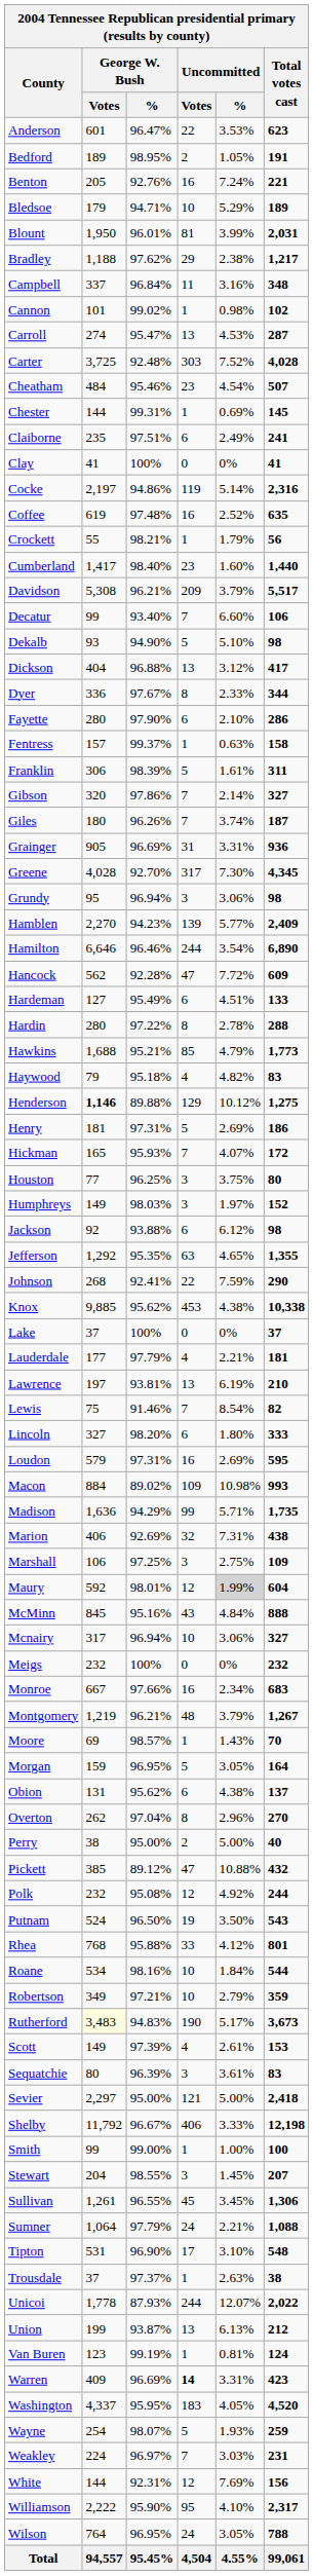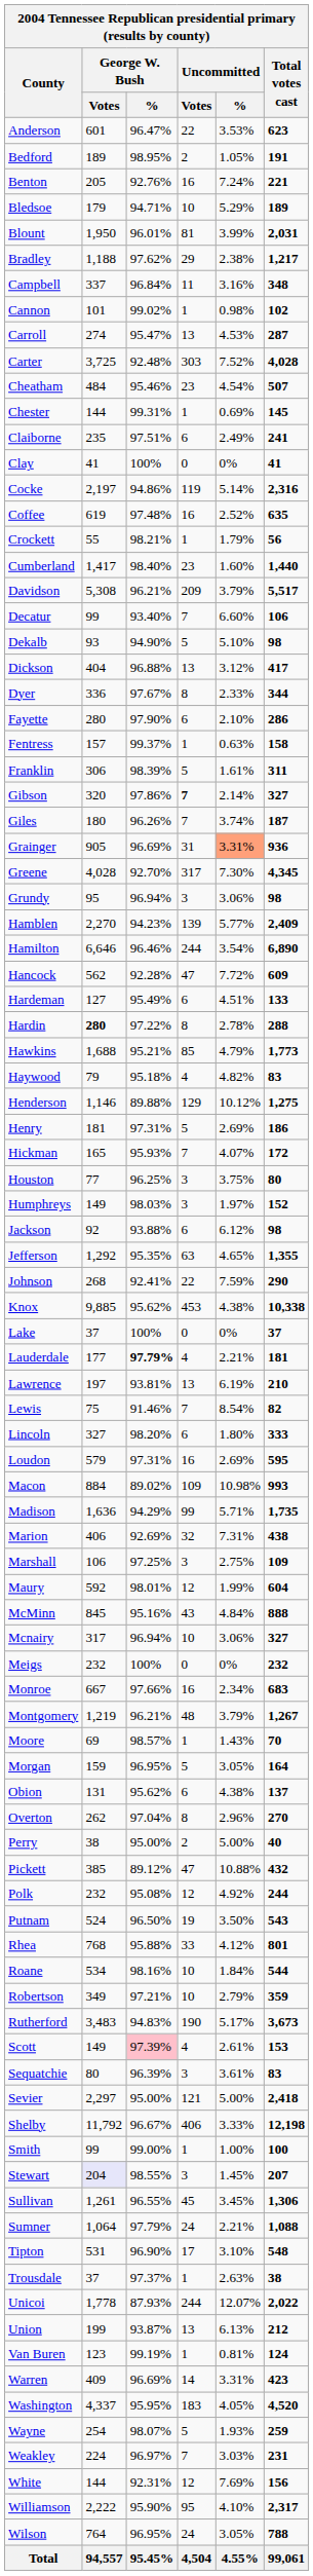 <table class="wikitable sortable mw-collapsible mw-collapsed">
 <tr>
 <th colspan="6"><small>2004 Tennessee Republican presidential primary<br>(results by county)</small></th>
 </tr>
 <tr>
 <th rowspan="2"><small>County</small></th>
 <th colspan="2"><small>George W.<br>Bush</small></th>
 <th colspan="2"><small>Uncommitted</small></th>
 <th rowspan="2"><small>Total<br>votes<br>cast</small></th>
 </tr>
 <tr>
 <th><small>Votes</small></th>
 <th><small>%</small></th>
 <th><small>Votes</small></th>
 <th><small>%</small></th>
 </tr>
 <tr>
 <td><small><a href='#'>Anderson</a></small></td>
 <td><small>601</small></td>
 <td><small>96.47%</small></td>
 <td><small>22</small></td>
 <td><small>3.53%</small></td>
 <td><small><strong>623</strong></small></td>
 </tr>
 <tr>
 <td><small><a href='#'>Bedford</a></small></td>
 <td><small>189</small></td>
 <td><small>98.95%</small></td>
 <td><small>2</small></td>
 <td><small>1.05%</small></td>
 <td><small><strong>191</strong></small></td>
 </tr>
 <tr>
 <td><small><a href='#'>Benton</a></small></td>
 <td><small>205</small></td>
 <td><small>92.76%</small></td>
 <td><small>16</small></td>
 <td><small>7.24%</small></td>
 <td><small><strong>221</strong></small></td>
 </tr>
 <tr>
 <td><small><a href='#'>Bledsoe</a></small></td>
 <td><small>179</small></td>
 <td><small>94.71%</small></td>
 <td><small>10</small></td>
 <td><small>5.29%</small></td>
 <td><small><strong>189</strong></small></td>
 </tr>
 <tr>
 <td><small><a href='#'>Blount</a></small></td>
 <td><small>1,950</small></td>
 <td><small>96.01%</small></td>
 <td><small>81</small></td>
 <td><small>3.99%</small></td>
 <td><small><strong>2,031</strong></small></td>
 </tr>
 <tr>
 <td><small><a href='#'>Bradley</a></small></td>
 <td><small>1,188</small></td>
 <td><small>97.62%</small></td>
 <td><small>29</small></td>
 <td><small>2.38%</small></td>
 <td><small><strong>1,217</strong></small></td>
 </tr>
 <tr>
 <td><small><a href='#'>Campbell</a></small></td>
 <td><small>337</small></td>
 <td><small>96.84%</small></td>
 <td><small>11</small></td>
 <td><small>3.16%</small></td>
 <td><small><strong>348</strong></small></td>
 </tr>
 <tr>
 <td><small><a href='#'>Cannon</a></small></td>
 <td><small>101</small></td>
 <td><small>99.02%</small></td>
 <td><small>1</small></td>
 <td><small>0.98%</small></td>
 <td><small><strong>102</strong></small></td>
 </tr>
 <tr>
 <td><small><a href='#'>Carroll</a></small></td>
 <td><small>274</small></td>
 <td><small>95.47%</small></td>
 <td><small>13</small></td>
 <td><small>4.53%</small></td>
 <td><small><strong>287</strong></small></td>
 </tr>
 <tr>
 <td><small><a href='#'>Carter</a></small></td>
 <td><small>3,725</small></td>
 <td><small>92.48%</small></td>
 <td><small>303</small></td>
 <td><small>7.52%</small></td>
 <td><small><strong>4,028</strong></small></td>
 </tr>
 <tr>
 <td><small><a href='#'>Cheatham</a></small></td>
 <td><small>484</small></td>
 <td><small>95.46%</small></td>
 <td><small>23</small></td>
 <td><small>4.54%</small></td>
 <td><small><strong>507</strong></small></td>
 </tr>
 <tr>
 <td><small><a href='#'>Chester</a></small></td>
 <td><small>144</small></td>
 <td><small>99.31%</small></td>
 <td><small>1</small></td>
 <td><small>0.69%</small></td>
 <td><small><strong>145</strong></small></td>
 </tr>
 <tr>
 <td><small><a href='#'>Claiborne</a></small></td>
 <td><small>235</small></td>
 <td><small>97.51%</small></td>
 <td><small>6</small></td>
 <td><small>2.49%</small></td>
 <td><small><strong>241</strong></small></td>
 </tr>
 <tr>
 <td><small><a href='#'>Clay</a></small></td>
 <td><small>41</small></td>
 <td><small>100%</small></td>
 <td><small>0</small></td>
 <td><small>0%</small></td>
 <td><small><strong>41</strong></small></td>
 </tr>
 <tr>
 <td><small><a href='#'>Cocke</a></small></td>
 <td><small>2,197</small></td>
 <td><small>94.86%</small></td>
 <td><small>119</small></td>
 <td><small>5.14%</small></td>
 <td><small><strong>2,316</strong></small></td>
 </tr>
 <tr>
 <td><small><a href='#'>Coffee</a></small></td>
 <td><small>619</small></td>
 <td><small>97.48%</small></td>
 <td><small>16</small></td>
 <td><small>2.52%</small></td>
 <td><small><strong>635</strong></small></td>
 </tr>
 <tr>
 <td><small><a href='#'>Crockett</a></small></td>
 <td><small>55</small></td>
 <td><small>98.21%</small></td>
 <td><small>1</small></td>
 <td><small>1.79%</small></td>
 <td><small><strong>56</strong></small></td>
 </tr>
 <tr>
 <td><small><a href='#'>Cumberland</a></small></td>
 <td><small>1,417</small></td>
 <td><small>98.40%</small></td>
 <td><small>23</small></td>
 <td><small>1.60%</small></td>
 <td><small><strong>1,440</strong></small></td>
 </tr>
 <tr>
 <td><small><a href='#'>Davidson</a></small></td>
 <td><small>5,308</small></td>
 <td><small>96.21%</small></td>
 <td><small>209</small></td>
 <td><small>3.79%</small></td>
 <td><small><strong>5,517</strong></small></td>
 </tr>
 <tr>
 <td><small><a href='#'>Decatur</a></small></td>
 <td><small>99</small></td>
 <td><small>93.40%</small></td>
 <td><small>7</small></td>
 <td><small>6.60%</small></td>
 <td><small><strong>106</strong></small></td>
 </tr>
 <tr>
 <td><small><a href='#'>Dekalb</a></small></td>
 <td><small>93</small></td>
 <td><small>94.90%</small></td>
 <td><small>5</small></td>
 <td><small>5.10%</small></td>
 <td><small><strong>98</strong></small></td>
 </tr>
 <tr>
 <td><small><a href='#'>Dickson</a></small></td>
 <td><small>404</small></td>
 <td><small>96.88%</small></td>
 <td><small>13</small></td>
 <td><small>3.12%</small></td>
 <td><small><strong>417</strong></small></td>
 </tr>
 <tr>
 <td><small><a href='#'>Dyer</a></small></td>
 <td><small>336</small></td>
 <td><small>97.67%</small></td>
 <td><small>8</small></td>
 <td><small>2.33%</small></td>
 <td><small><strong>344</strong></small></td>
 </tr>
 <tr>
 <td><small><a href='#'>Fayette</a></small></td>
 <td><small>280</small></td>
 <td><small>97.90%</small></td>
 <td><small>6</small></td>
 <td><small>2.10%</small></td>
 <td><small><strong>286</strong></small></td>
 </tr>
 <tr>
 <td><small><a href='#'>Fentress</a></small></td>
 <td><small>157</small></td>
 <td><small>99.37%</small></td>
 <td><small>1</small></td>
 <td><small>0.63%</small></td>
 <td><small><strong>158</strong></small></td>
 </tr>
 <tr>
 <td><small><a href='#'>Franklin</a></small></td>
 <td><small>306</small></td>
 <td><small>98.39%</small></td>
 <td><small>5</small></td>
 <td><small>1.61%</small></td>
 <td><small><strong>311</strong></small></td>
 </tr>
 <tr>
 <td><small><a href='#'>Gibson</a></small></td>
 <td><small>320</small></td>
 <td><small>97.86%</small></td>
-<td><small>7</small></td>
+<td><strong><small>7</small></strong></td>
 <td><small>2.14%</small></td>
 <td><small><strong>327</strong></small></td>
 </tr>
 <tr>
 <td><small><a href='#'>Giles</a></small></td>
 <td><small>180</small></td>
 <td><small>96.26%</small></td>
 <td><small>7</small></td>
 <td><small>3.74%</small></td>
 <td><small><strong>187</strong></small></td>
 </tr>
 <tr>
 <td><small><a href='#'>Grainger</a></small></td>
 <td><small>905</small></td>
 <td><small>96.69%</small></td>
 <td><small>31</small></td>
-<td><small>3.31%</small></td>
+<td style="background: lightsalmon;"><small>3.31%</small></td>
 <td><small><strong>936</strong></small></td>
 </tr>
 <tr>
 <td><small><a href='#'>Greene</a></small></td>
 <td><small>4,028</small></td>
 <td><small>92.70%</small></td>
 <td><small>317</small></td>
 <td><small>7.30%</small></td>
 <td><small><strong>4,345</strong></small></td>
 </tr>
 <tr>
 <td><small><a href='#'>Grundy</a></small></td>
 <td><small>95</small></td>
 <td><small>96.94%</small></td>
 <td><small>3</small></td>
 <td><small>3.06%</small></td>
 <td><small><strong>98</strong></small></td>
 </tr>
 <tr>
 <td><small><a href='#'>Hamblen</a></small></td>
 <td><small>2,270</small></td>
 <td><small>94.23%</small></td>
 <td><small>139</small></td>
 <td><small>5.77%</small></td>
 <td><small><strong>2,409</strong></small></td>
 </tr>
 <tr>
 <td><small><a href='#'>Hamilton</a></small></td>
 <td><small>6,646</small></td>
 <td><small>96.46%</small></td>
 <td><small>244</small></td>
 <td><small>3.54%</small></td>
 <td><small><strong>6,890</strong></small></td>
 </tr>
 <tr>
 <td><small><a href='#'>Hancock</a></small></td>
 <td><small>562</small></td>
 <td><small>92.28%</small></td>
 <td><small>47</small></td>
 <td><small>7.72%</small></td>
 <td><small><strong>609</strong></small></td>
 </tr>
 <tr>
 <td><small><a href='#'>Hardeman</a></small></td>
 <td><small>127</small></td>
 <td><small>95.49%</small></td>
 <td><small>6</small></td>
 <td><small>4.51%</small></td>
 <td><small><strong>133</strong></small></td>
 </tr>
 <tr>
 <td><small><a href='#'>Hardin</a></small></td>
-<td><small>280</small></td>
+<td><strong><small>280</small></strong></td>
 <td><small>97.22%</small></td>
 <td><small>8</small></td>
 <td><small>2.78%</small></td>
 <td><small><strong>288</strong></small></td>
 </tr>
 <tr>
 <td><small><a href='#'>Hawkins</a></small></td>
 <td><small>1,688</small></td>
 <td><small>95.21%</small></td>
 <td><small>85</small></td>
 <td><small>4.79%</small></td>
 <td><small><strong>1,773</strong></small></td>
 </tr>
 <tr>
 <td><small><a href='#'>Haywood</a></small></td>
 <td><small>79</small></td>
 <td><small>95.18%</small></td>
 <td><small>4</small></td>
 <td><small>4.82%</small></td>
 <td><small><strong>83</strong></small></td>
 </tr>
 <tr>
 <td><small><a href='#'>Henderson</a></small></td>
-<td><strong><small>1,146</small></strong></td>
+<td><small>1,146</small></td>
 <td><small>89.88%</small></td>
 <td><small>129</small></td>
 <td><small>10.12%</small></td>
 <td><small><strong>1,275</strong></small></td>
 </tr>
 <tr>
 <td><small><a href='#'>Henry</a></small></td>
 <td><small>181</small></td>
 <td><small>97.31%</small></td>
 <td><small>5</small></td>
 <td><small>2.69%</small></td>
 <td><small><strong>186</strong></small></td>
 </tr>
 <tr>
 <td><small><a href='#'>Hickman</a></small></td>
 <td><small>165</small></td>
 <td><small>95.93%</small></td>
 <td><small>7</small></td>
 <td><small>4.07%</small></td>
 <td><small><strong>172</strong></small></td>
 </tr>
 <tr>
 <td><small><a href='#'>Houston</a></small></td>
 <td><small>77</small></td>
 <td><small>96.25%</small></td>
 <td><small>3</small></td>
 <td><small>3.75%</small></td>
 <td><small><strong>80</strong></small></td>
 </tr>
 <tr>
 <td><small><a href='#'>Humphreys</a></small></td>
 <td><small>149</small></td>
 <td><small>98.03%</small></td>
 <td><small>3</small></td>
 <td><small>1.97%</small></td>
 <td><small><strong>152</strong></small></td>
 </tr>
 <tr>
 <td><small><a href='#'>Jackson</a></small></td>
 <td><small>92</small></td>
 <td><small>93.88%</small></td>
 <td><small>6</small></td>
 <td><small>6.12%</small></td>
 <td><small><strong>98</strong></small></td>
 </tr>
 <tr>
 <td><small><a href='#'>Jefferson</a></small></td>
 <td><small>1,292</small></td>
 <td><small>95.35%</small></td>
 <td><small>63</small></td>
 <td><small>4.65%</small></td>
 <td><small><strong>1,355</strong></small></td>
 </tr>
 <tr>
 <td><small><a href='#'>Johnson</a></small></td>
 <td><small>268</small></td>
 <td><small>92.41%</small></td>
 <td><small>22</small></td>
 <td><small>7.59%</small></td>
 <td><small><strong>290</strong></small></td>
 </tr>
 <tr>
 <td><small><a href='#'>Knox</a></small></td>
 <td><small>9,885</small></td>
 <td><small>95.62%</small></td>
 <td><small>453</small></td>
 <td><small>4.38%</small></td>
 <td><small><strong>10,338</strong></small></td>
 </tr>
 <tr>
 <td><small><a href='#'>Lake</a></small></td>
 <td><small>37</small></td>
 <td><small>100%</small></td>
 <td><small>0</small></td>
 <td><small>0%</small></td>
 <td><small><strong>37</strong></small></td>
 </tr>
 <tr>
 <td><small><a href='#'>Lauderdale</a></small></td>
 <td><small>177</small></td>
-<td><small>97.79%</small></td>
+<td><strong><small>97.79%</small></strong></td>
 <td><small>4</small></td>
 <td><small>2.21%</small></td>
 <td><small><strong>181</strong></small></td>
 </tr>
 <tr>
 <td><small><a href='#'>Lawrence</a></small></td>
 <td><small>197</small></td>
 <td><small>93.81%</small></td>
 <td><small>13</small></td>
 <td><small>6.19%</small></td>
 <td><small><strong>210</strong></small></td>
 </tr>
 <tr>
 <td><small><a href='#'>Lewis</a></small></td>
 <td><small>75</small></td>
 <td><small>91.46%</small></td>
 <td><small>7</small></td>
 <td><small>8.54%</small></td>
 <td><small><strong>82</strong></small></td>
 </tr>
 <tr>
 <td><small><a href='#'>Lincoln</a></small></td>
 <td><small>327</small></td>
 <td><small>98.20%</small></td>
 <td><small>6</small></td>
 <td><small>1.80%</small></td>
 <td><small><strong>333</strong></small></td>
 </tr>
 <tr>
 <td><small><a href='#'>Loudon</a></small></td>
 <td><small>579</small></td>
 <td><small>97.31%</small></td>
 <td><small>16</small></td>
 <td><small>2.69%</small></td>
 <td><small><strong>595</strong></small></td>
 </tr>
 <tr>
 <td><small><a href='#'>Macon</a></small></td>
 <td><small>884</small></td>
 <td><small>89.02%</small></td>
 <td><small>109</small></td>
 <td><small>10.98%</small></td>
 <td><small><strong>993</strong></small></td>
 </tr>
 <tr>
 <td><small><a href='#'>Madison</a></small></td>
 <td><small>1,636</small></td>
 <td><small>94.29%</small></td>
 <td><small>99</small></td>
 <td><small>5.71%</small></td>
 <td><small><strong>1,735</strong></small></td>
 </tr>
 <tr>
 <td><small><a href='#'>Marion</a></small></td>
 <td><small>406</small></td>
 <td><small>92.69%</small></td>
 <td><small>32</small></td>
 <td><small>7.31%</small></td>
 <td><small><strong>438</strong></small></td>
 </tr>
 <tr>
 <td><small><a href='#'>Marshall</a></small></td>
 <td><small>106</small></td>
 <td><small>97.25%</small></td>
 <td><small>3</small></td>
 <td><small>2.75%</small></td>
 <td><small><strong>109</strong></small></td>
 </tr>
 <tr>
 <td><small><a href='#'>Maury</a></small></td>
 <td><small>592</small></td>
 <td><small>98.01%</small></td>
 <td><small>12</small></td>
-<td style="background: lightgrey;"><small>1.99%</small></td>
+<td><small>1.99%</small></td>
 <td><small><strong>604</strong></small></td>
 </tr>
 <tr>
 <td><small><a href='#'>McMinn</a></small></td>
 <td><small>845</small></td>
 <td><small>95.16%</small></td>
 <td><small>43</small></td>
 <td><small>4.84%</small></td>
 <td><small><strong>888</strong></small></td>
 </tr>
 <tr>
 <td><small><a href='#'>Mcnairy</a></small></td>
 <td><small>317</small></td>
 <td><small>96.94%</small></td>
 <td><small>10</small></td>
 <td><small>3.06%</small></td>
 <td><small><strong>327</strong></small></td>
 </tr>
 <tr>
 <td><small><a href='#'>Meigs</a></small></td>
 <td><small>232</small></td>
 <td><small>100%</small></td>
 <td><small>0</small></td>
 <td><small>0%</small></td>
 <td><small><strong>232</strong></small></td>
 </tr>
 <tr>
 <td><small><a href='#'>Monroe</a></small></td>
 <td><small>667</small></td>
 <td><small>97.66%</small></td>
 <td><small>16</small></td>
 <td><small>2.34%</small></td>
 <td><small><strong>683</strong></small></td>
 </tr>
 <tr>
 <td><small><a href='#'>Montgomery</a></small></td>
 <td><small>1,219</small></td>
 <td><small>96.21%</small></td>
 <td><small>48</small></td>
 <td><small>3.79%</small></td>
 <td><small><strong>1,267</strong></small></td>
 </tr>
 <tr>
 <td><small><a href='#'>Moore</a></small></td>
 <td><small>69</small></td>
 <td><small>98.57%</small></td>
 <td><small>1</small></td>
 <td><small>1.43%</small></td>
 <td><small><strong>70</strong></small></td>
 </tr>
 <tr>
 <td><small><a href='#'>Morgan</a></small></td>
 <td><small>159</small></td>
 <td><small>96.95%</small></td>
 <td><small>5</small></td>
 <td><small>3.05%</small></td>
 <td><small><strong>164</strong></small></td>
 </tr>
 <tr>
 <td><small><a href='#'>Obion</a></small></td>
 <td><small>131</small></td>
 <td><small>95.62%</small></td>
 <td><small>6</small></td>
 <td><small>4.38%</small></td>
 <td><small><strong>137</strong></small></td>
 </tr>
 <tr>
 <td><small><a href='#'>Overton</a></small></td>
 <td><small>262</small></td>
 <td><small>97.04%</small></td>
 <td><small>8</small></td>
 <td><small>2.96%</small></td>
 <td><small><strong>270</strong></small></td>
 </tr>
 <tr>
 <td><small><a href='#'>Perry</a></small></td>
 <td><small>38</small></td>
 <td><small>95.00%</small></td>
 <td><small>2</small></td>
 <td><small>5.00%</small></td>
 <td><small><strong>40</strong></small></td>
 </tr>
 <tr>
 <td><small><a href='#'>Pickett</a></small></td>
 <td><small>385</small></td>
 <td><small>89.12%</small></td>
 <td><small>47</small></td>
 <td><small>10.88%</small></td>
 <td><small><strong>432</strong></small></td>
 </tr>
 <tr>
 <td><small><a href='#'>Polk</a></small></td>
 <td><small>232</small></td>
 <td><small>95.08%</small></td>
 <td><small>12</small></td>
 <td><small>4.92%</small></td>
 <td><small><strong>244</strong></small></td>
 </tr>
 <tr>
 <td><small><a href='#'>Putnam</a></small></td>
 <td><small>524</small></td>
 <td><small>96.50%</small></td>
 <td><small>19</small></td>
 <td><small>3.50%</small></td>
 <td><small><strong>543</strong></small></td>
 </tr>
 <tr>
 <td><small><a href='#'>Rhea</a></small></td>
 <td><small>768</small></td>
 <td><small>95.88%</small></td>
 <td><small>33</small></td>
 <td><small>4.12%</small></td>
 <td><small><strong>801</strong></small></td>
 </tr>
 <tr>
 <td><small><a href='#'>Roane</a></small></td>
 <td><small>534</small></td>
 <td><small>98.16%</small></td>
 <td><small>10</small></td>
 <td><small>1.84%</small></td>
 <td><small><strong>544</strong></small></td>
 </tr>
 <tr>
 <td><small><a href='#'>Robertson</a></small></td>
 <td><small>349</small></td>
 <td><small>97.21%</small></td>
 <td><small>10</small></td>
 <td><small>2.79%</small></td>
 <td><small><strong>359</strong></small></td>
 </tr>
 <tr>
 <td><small><a href='#'>Rutherford</a></small></td>
-<td style="background: lightyellow;"><small>3,483</small></td>
+<td><small>3,483</small></td>
 <td><small>94.83%</small></td>
 <td><small>190</small></td>
 <td><small>5.17%</small></td>
 <td><small><strong>3,673</strong></small></td>
 </tr>
 <tr>
 <td><small><a href='#'>Scott</a></small></td>
 <td><small>149</small></td>
-<td><small>97.39%</small></td>
+<td style="background: pink;"><small>97.39%</small></td>
 <td><small>4</small></td>
 <td><small>2.61%</small></td>
 <td><small><strong>153</strong></small></td>
 </tr>
 <tr>
 <td><small><a href='#'>Sequatchie</a></small></td>
 <td><small>80</small></td>
 <td><small>96.39%</small></td>
 <td><small>3</small></td>
 <td><small>3.61%</small></td>
 <td><small><strong>83</strong></small></td>
 </tr>
 <tr>
 <td><small><a href='#'>Sevier</a></small></td>
 <td><small>2,297</small></td>
 <td><small>95.00%</small></td>
 <td><small>121</small></td>
 <td><small>5.00%</small></td>
 <td><small><strong>2,418</strong></small></td>
 </tr>
 <tr>
 <td><small><a href='#'>Shelby</a></small></td>
 <td><small>11,792</small></td>
 <td><small>96.67%</small></td>
 <td><small>406</small></td>
 <td><small>3.33%</small></td>
 <td><small><strong>12,198</strong></small></td>
 </tr>
 <tr>
 <td><small><a href='#'>Smith</a></small></td>
 <td><small>99</small></td>
 <td><small>99.00%</small></td>
 <td><small>1</small></td>
 <td><small>1.00%</small></td>
 <td><small><strong>100</strong></small></td>
 </tr>
 <tr>
 <td><small><a href='#'>Stewart</a></small></td>
-<td><small>204</small></td>
+<td style="background: lavender;"><small>204</small></td>
 <td><small>98.55%</small></td>
 <td><small>3</small></td>
 <td><small>1.45%</small></td>
 <td><small><strong>207</strong></small></td>
 </tr>
 <tr>
 <td><small><a href='#'>Sullivan</a></small></td>
 <td><small>1,261</small></td>
 <td><small>96.55%</small></td>
 <td><small>45</small></td>
 <td><small>3.45%</small></td>
 <td><small><strong>1,306</strong></small></td>
 </tr>
 <tr>
 <td><small><a href='#'>Sumner</a></small></td>
 <td><small>1,064</small></td>
 <td><small>97.79%</small></td>
 <td><small>24</small></td>
 <td><small>2.21%</small></td>
 <td><small><strong>1,088</strong></small></td>
 </tr>
 <tr>
 <td><small><a href='#'>Tipton</a></small></td>
 <td><small>531</small></td>
 <td><small>96.90%</small></td>
 <td><small>17</small></td>
 <td><small>3.10%</small></td>
 <td><small><strong>548</strong></small></td>
 </tr>
 <tr>
 <td><small><a href='#'>Trousdale</a></small></td>
 <td><small>37</small></td>
 <td><small>97.37%</small></td>
 <td><small>1</small></td>
 <td><small>2.63%</small></td>
 <td><small><strong>38</strong></small></td>
 </tr>
 <tr>
 <td><small><a href='#'>Unicoi</a></small></td>
 <td><small>1,778</small></td>
 <td><small>87.93%</small></td>
 <td><small>244</small></td>
 <td><small>12.07%</small></td>
 <td><small><strong>2,022</strong></small></td>
 </tr>
 <tr>
 <td><small><a href='#'>Union</a></small></td>
 <td><small>199</small></td>
 <td><small>93.87%</small></td>
 <td><small>13</small></td>
 <td><small>6.13%</small></td>
 <td><small><strong>212</strong></small></td>
 </tr>
 <tr>
 <td><small><a href='#'>Van Buren</a></small></td>
 <td><small>123</small></td>
 <td><small>99.19%</small></td>
 <td><small>1</small></td>
 <td><small>0.81%</small></td>
 <td><small><strong>124</strong></small></td>
 </tr>
 <tr>
 <td><small><a href='#'>Warren</a></small></td>
 <td><small>409</small></td>
 <td><small>96.69%</small></td>
-<td><strong><small>14</small></strong></td>
+<td><small>14</small></td>
 <td><small>3.31%</small></td>
 <td><small><strong>423</strong></small></td>
 </tr>
 <tr>
 <td><small><a href='#'>Washington</a></small></td>
 <td><small>4,337</small></td>
 <td><small>95.95%</small></td>
 <td><small>183</small></td>
 <td><small>4.05%</small></td>
 <td><small><strong>4,520</strong></small></td>
 </tr>
 <tr>
 <td><small><a href='#'>Wayne</a></small></td>
 <td><small>254</small></td>
 <td><small>98.07%</small></td>
 <td><small>5</small></td>
 <td><small>1.93%</small></td>
 <td><small><strong>259</strong></small></td>
 </tr>
 <tr>
 <td><small><a href='#'>Weakley</a></small></td>
 <td><small>224</small></td>
 <td><small>96.97%</small></td>
 <td><small>7</small></td>
 <td><small>3.03%</small></td>
 <td><small><strong>231</strong></small></td>
 </tr>
 <tr>
 <td><small><a href='#'>White</a></small></td>
 <td><small>144</small></td>
 <td><small>92.31%</small></td>
 <td><small>12</small></td>
 <td><small>7.69%</small></td>
 <td><small><strong>156</strong></small></td>
 </tr>
 <tr>
 <td><small><a href='#'>Williamson</a></small></td>
 <td><small>2,222</small></td>
 <td><small>95.90%</small></td>
 <td><small>95</small></td>
 <td><small>4.10%</small></td>
 <td><small><strong>2,317</strong></small></td>
 </tr>
 <tr>
 <td><small><a href='#'>Wilson</a></small></td>
 <td><small>764</small></td>
 <td><small>96.95%</small></td>
 <td><small>24</small></td>
 <td><small>3.05%</small></td>
 <td><small><strong>788</strong></small></td>
 </tr>
 <tr>
 <th><strong><small>Total</small></strong></th>
 <th><strong><small>94,557</small></strong></th>
 <th><strong><small>95.45%</small></strong></th>
 <th><strong><small>4,504</small></strong></th>
 <th><strong><small>4.55%</small></strong></th>
 <th><strong><small>99,061</small></strong></th>
 </tr>
 </table>
